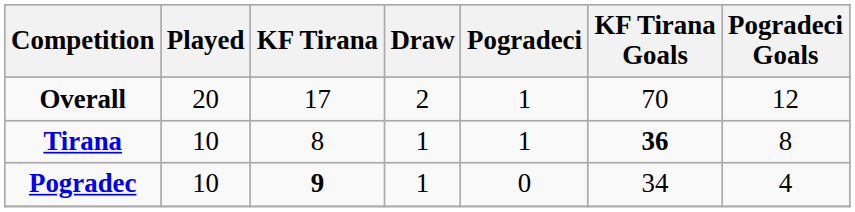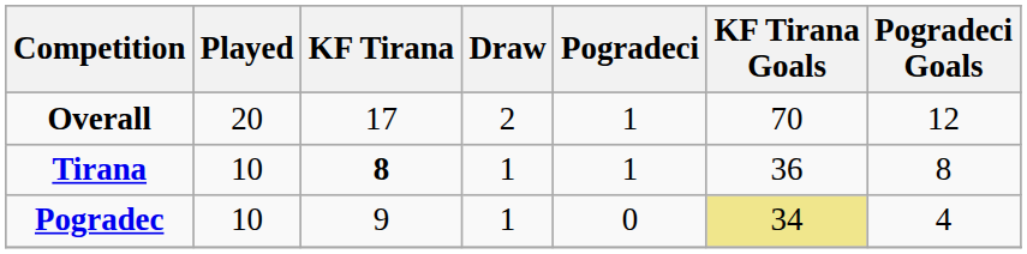 <table class=wikitable style="text-align:center">
 <tr>
 <th>Competition</th>
 <th>Played</th>
 <th>KF Tirana</th>
 <th>Draw</th>
 <th>Pogradeci</th>
 <th>KF Tirana <br> Goals</th>
 <th>Pogradeci <br> Goals</th>
 </tr>
 <tr>
 <td><strong>Overall</strong></td>
 <td>20</td>
 <td>17</td>
 <td>2</td>
 <td>1</td>
 <td>70</td>
 <td>12</td>
 </tr>
 <tr>
 <td><strong><a href='#'>Tirana</a></strong></td>
 <td>10</td>
-<td>8</td>
+<td><strong>8</strong></td>
 <td>1</td>
 <td>1</td>
-<td><strong>36</strong></td>
+<td>36</td>
 <td>8</td>
 </tr>
 <tr>
 <td><strong><a href='#'>Pogradec</a></strong></td>
 <td>10</td>
-<td><strong>9</strong></td>
+<td>9</td>
 <td>1</td>
 <td>0</td>
-<td>34</td>
+<td style="background: khaki;">34</td>
 <td>4</td>
 </tr>
 <tr>
 </tr>
 </table>
